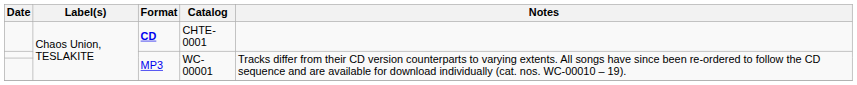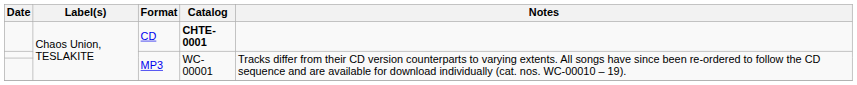 <table class="wikitable">
 <tr>
 <th>Date</th>
 <th>Label(s)</th>
 <th>Format</th>
 <th>Catalog</th>
 <th>Notes</th>
 </tr>
 <tr>
 <td></td>
 <td rowspan=3>Chaos Union, TESLAKITE</td>
-<td><strong><a href='#'>CD</a></strong></td>
-<td>CHTE-0001</td>
+<td><a href='#'>CD</a></td>
+<td><strong>CHTE-0001</strong></td>
 <td></td>
 </tr>
 <tr>
 <td></td>
 <td rowspan=2><a href='#'>MP3</a></td>
 <td rowspan=2>WC-00001</td>
 <td rowspan=2>Tracks differ from their CD version counterparts to varying extents. All songs have since been re-ordered to follow the CD sequence and are available for download individually (cat. nos. WC-00010 – 19).</td>
 </tr>
 <tr>
 <td><br></td>
 </tr>
 <tr>
 </tr>
 </table>
